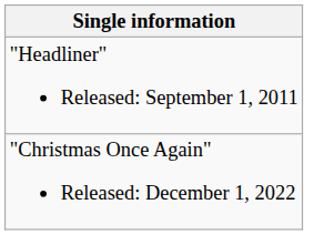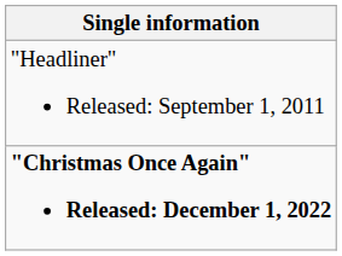 <table class="wikitable">
 <tr>
 <th>Single information</th>
 </tr>
 <tr>
 <td>"Headliner"<br><ul><li>Released: September 1, 2011</li></ul></td>
 </tr>
 <tr>
-<td>"Christmas Once Again"<br><ul><li>Released: December 1, 2022</li></ul></td>
+<td><strong>"Christmas Once Again"<br><ul><li>Released: December 1, 2022</li></ul></strong></td>
 </tr>
 </table>
